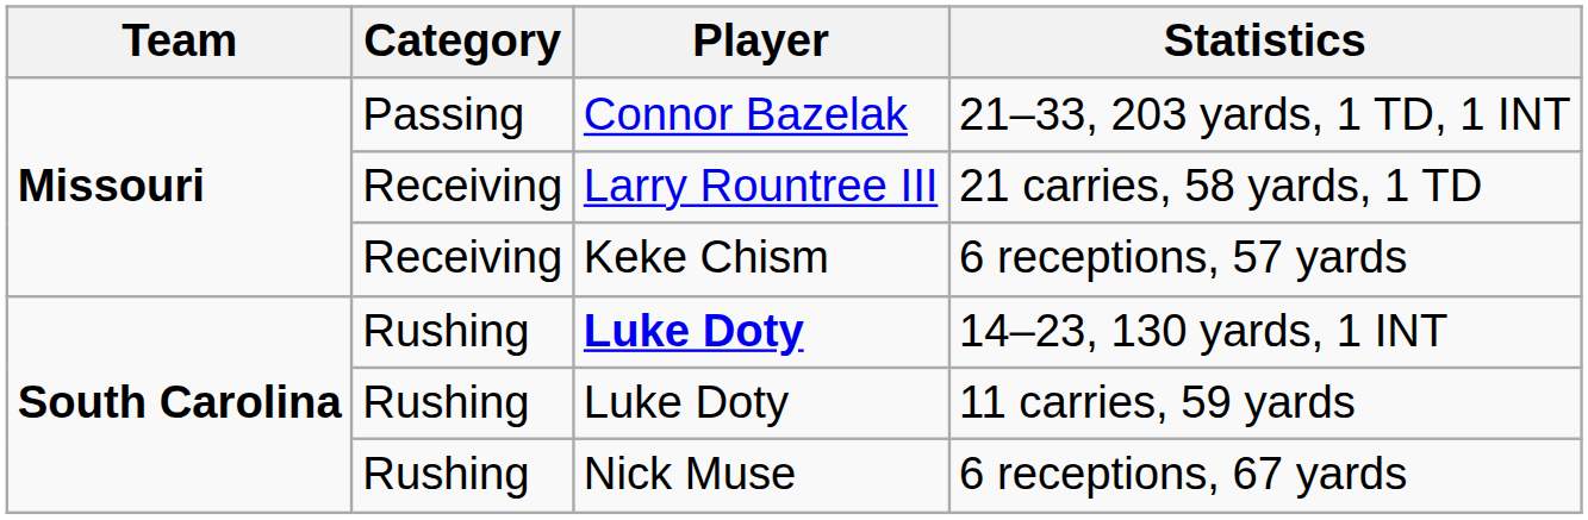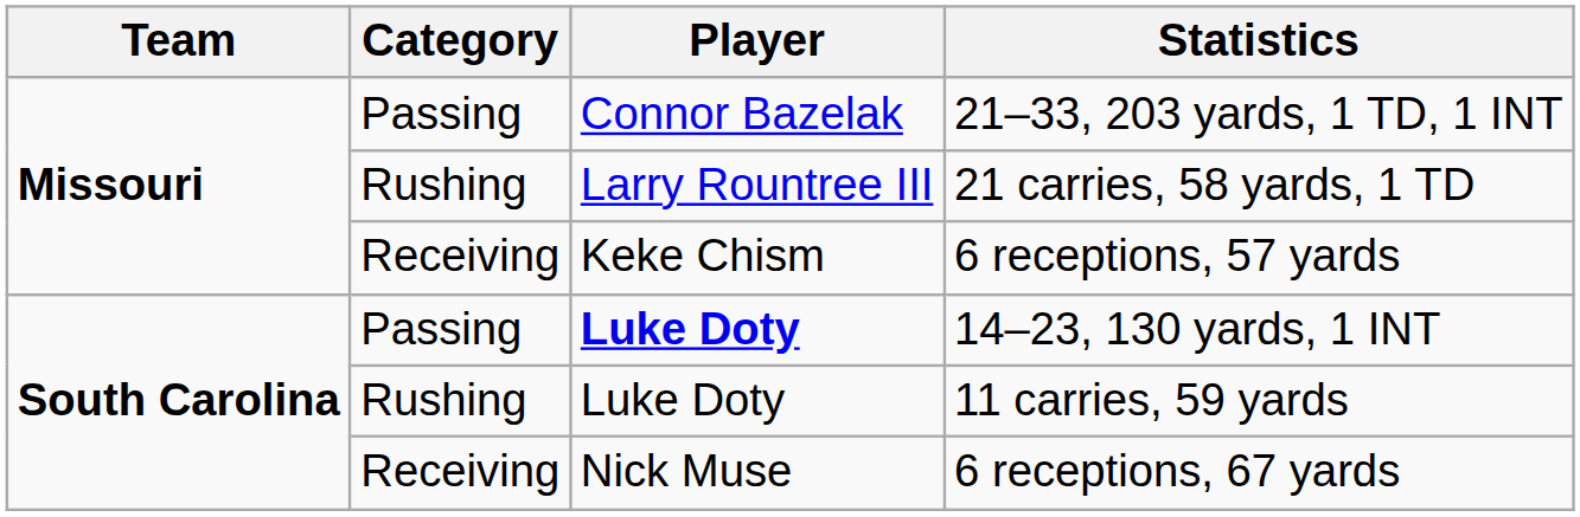 <table class="wikitable" style="float: right;">
 <tr>
 <th>Team</th>
 <th>Category</th>
 <th>Player</th>
 <th>Statistics</th>
 </tr>
 <tr>
 <td rowspan=3><strong>Missouri</strong></td>
 <td>Passing</td>
 <td><a href='#'>Connor Bazelak</a></td>
 <td>21–33, 203 yards, 1 TD, 1 INT</td>
 </tr>
 <tr>
-<td>Receiving</td>
+<td>Rushing</td>
 <td><a href='#'>Larry Rountree III</a></td>
 <td>21 carries, 58 yards, 1 TD</td>
 </tr>
 <tr>
 <td>Receiving</td>
 <td>Keke Chism</td>
 <td>6 receptions, 57 yards</td>
 </tr>
 <tr>
 <td rowspan=3><strong>South Carolina</strong></td>
-<td>Rushing</td>
+<td>Passing</td>
 <td><strong><a href='#'>Luke Doty</a></strong></td>
 <td>14–23, 130 yards, 1 INT</td>
 </tr>
 <tr>
 <td>Rushing</td>
 <td>Luke Doty</td>
 <td>11 carries, 59 yards</td>
 </tr>
 <tr>
-<td>Rushing</td>
+<td>Receiving</td>
 <td>Nick Muse</td>
 <td>6 receptions, 67 yards</td>
 </tr>
 </table>
